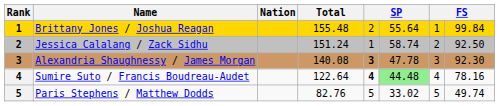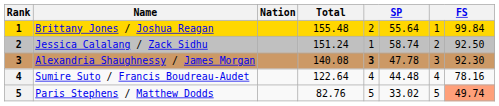 <table class="wikitable sortable">
 <tr>
 <th>Rank</th>
 <th>Name</th>
 <th>Nation</th>
 <th width="80px">Total</th>
 <th colspan="2" width="80px"><a href='#'>SP</a></th>
 <th colspan="2" width="80px"><a href='#'>FS</a></th>
 </tr>
 <tr bgcolor="gold">
 <td align="center"><strong>1</strong></td>
 <td><a href='#'>Brittany Jones</a> / <a href='#'>Joshua Reagan</a></td>
 <td></td>
 <td align="center">155.48</td>
 <td align="center">2</td>
 <td align="center">55.64</td>
 <td align="center">1</td>
 <td align="center">99.84</td>
 </tr>
 <tr bgcolor="silver">
 <td align="center"><strong>2</strong></td>
 <td><a href='#'>Jessica Calalang</a> / <a href='#'>Zack Sidhu</a></td>
 <td></td>
 <td align="center">151.24</td>
 <td align="center">1</td>
 <td align="center">58.74</td>
 <td align="center">2</td>
 <td align="center">92.50</td>
 </tr>
 <tr bgcolor="cc9966">
 <td align="center"><strong>3</strong></td>
 <td><a href='#'>Alexandria Shaughnessy</a> / <a href='#'>James Morgan</a></td>
 <td></td>
 <td align="center">140.08</td>
 <td align="center"><strong>3</strong></td>
 <td align="center">47.78</td>
 <td align="center">3</td>
 <td align="center">92.30</td>
 </tr>
 <tr>
 <th>4</th>
 <td><a href='#'>Sumire Suto</a> / <a href='#'>Francis Boudreau-Audet</a></td>
 <td></td>
 <td align="center">122.64</td>
-<td align="center"><strong>4</strong></td>
-<td align="center" style="background: lightgreen;">44.48</td>
+<td align="center">4</td>
+<td align="center">44.48</td>
 <td align="center">4</td>
 <td align="center">78.16</td>
 </tr>
 <tr>
 <th>5</th>
 <td><a href='#'>Paris Stephens</a> / <a href='#'>Matthew Dodds</a></td>
 <td></td>
 <td align="center">82.76</td>
 <td align="center">5</td>
 <td align="center">33.02</td>
 <td align="center">5</td>
-<td align="center">49.74</td>
+<td align="center" style="background: lightsalmon;">49.74</td>
 </tr>
 </table>
